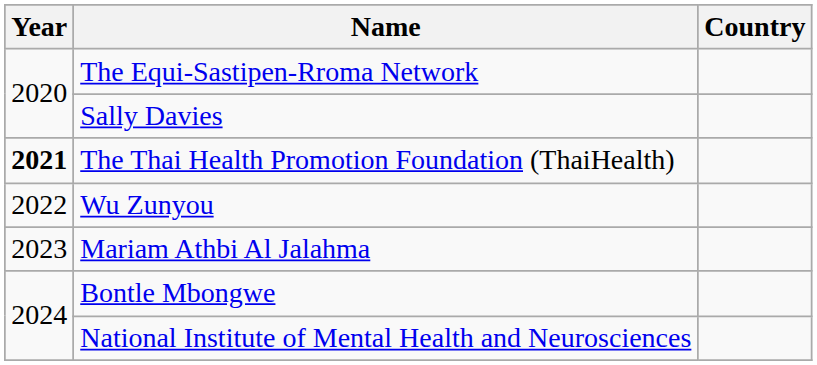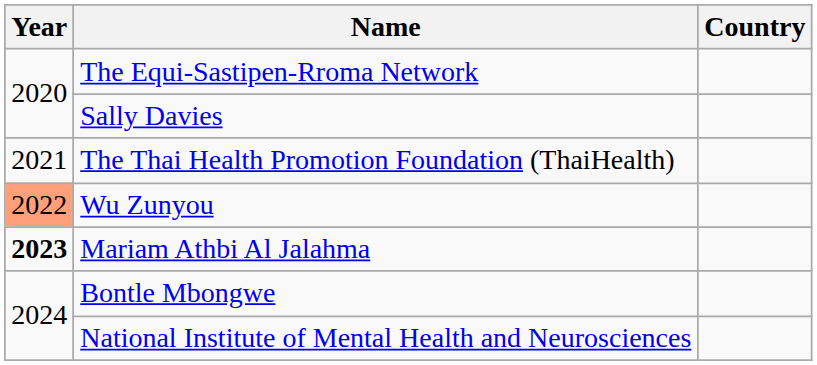 <table class="wikitable plainrowheaders sortable">
 <tr>
 <th>Year</th>
 <th>Name</th>
 <th>Country</th>
 </tr>
 <tr>
 <td rowspan="2">2020</td>
 <td><a href='#'>The Equi-Sastipen-Rroma Network</a></td>
 <td></td>
 </tr>
 <tr>
 <td><a href='#'>Sally Davies</a></td>
 <td></td>
 </tr>
 <tr>
-<td><strong>2021</strong></td>
+<td>2021</td>
 <td><a href='#'>The Thai Health Promotion Foundation</a> (ThaiHealth)</td>
 <td></td>
 </tr>
 <tr>
-<td>2022</td>
+<td style="background: lightsalmon;">2022</td>
 <td><a href='#'>Wu Zunyou</a></td>
 <td></td>
 </tr>
 <tr>
-<td>2023</td>
+<td><strong>2023</strong></td>
 <td><a href='#'>Mariam Athbi Al Jalahma</a></td>
 <td></td>
 </tr>
 <tr>
 <td rowspan="2">2024</td>
 <td><a href='#'>Bontle Mbongwe</a></td>
 <td></td>
 </tr>
 <tr>
 <td><a href='#'>National Institute of Mental Health and Neurosciences</a></td>
 <td></td>
 </tr>
 </table>
